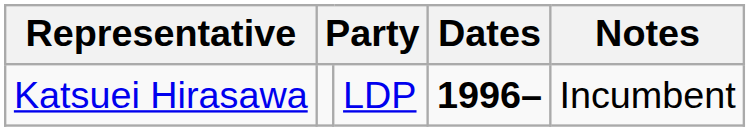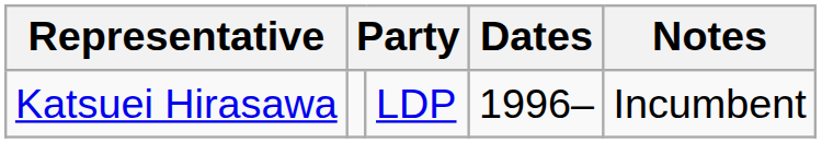 <table class=wikitable>
 <tr valign=bottom>
 <th>Representative</th>
 <th colspan="2">Party</th>
 <th>Dates</th>
 <th>Notes</th>
 </tr>
 <tr>
 <td><a href='#'>Katsuei Hirasawa</a></td>
 <td bgcolor=></td>
 <td><a href='#'>LDP</a></td>
-<td><strong>1996–</strong></td>
+<td>1996–</td>
 <td>Incumbent</td>
 </tr>
 </table>
